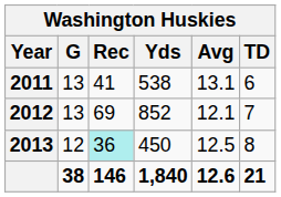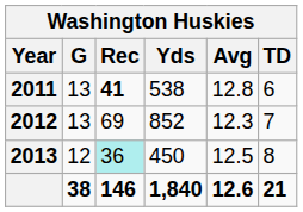 <table class="wikitable sortable">
 <tr>
 <th colspan="13">Washington Huskies</th>
 </tr>
 <tr>
 <th>Year</th>
 <th>G</th>
 <th>Rec</th>
 <th>Yds</th>
 <th>Avg</th>
 <th>TD</th>
 </tr>
 <tr>
 <th>2011</th>
 <td>13</td>
-<td>41</td>
+<td><strong>41</strong></td>
 <td>538</td>
-<td>13.1</td>
+<td>12.8</td>
 <td>6</td>
 </tr>
 <tr>
 <th>2012</th>
 <td>13</td>
 <td>69</td>
 <td>852</td>
-<td>12.1</td>
+<td>12.3</td>
 <td>7</td>
 </tr>
 <tr>
 <th>2013</th>
 <td>12</td>
 <td style="background: paleturquoise;">36</td>
 <td>450</td>
 <td>12.5</td>
 <td>8</td>
 </tr>
 <tr>
 <th></th>
 <td><strong>38</strong></td>
 <td><strong>146</strong></td>
 <td><strong>1,840</strong></td>
 <td><strong>12.6</strong></td>
 <td><strong>21</strong></td>
 </tr>
 </table>
